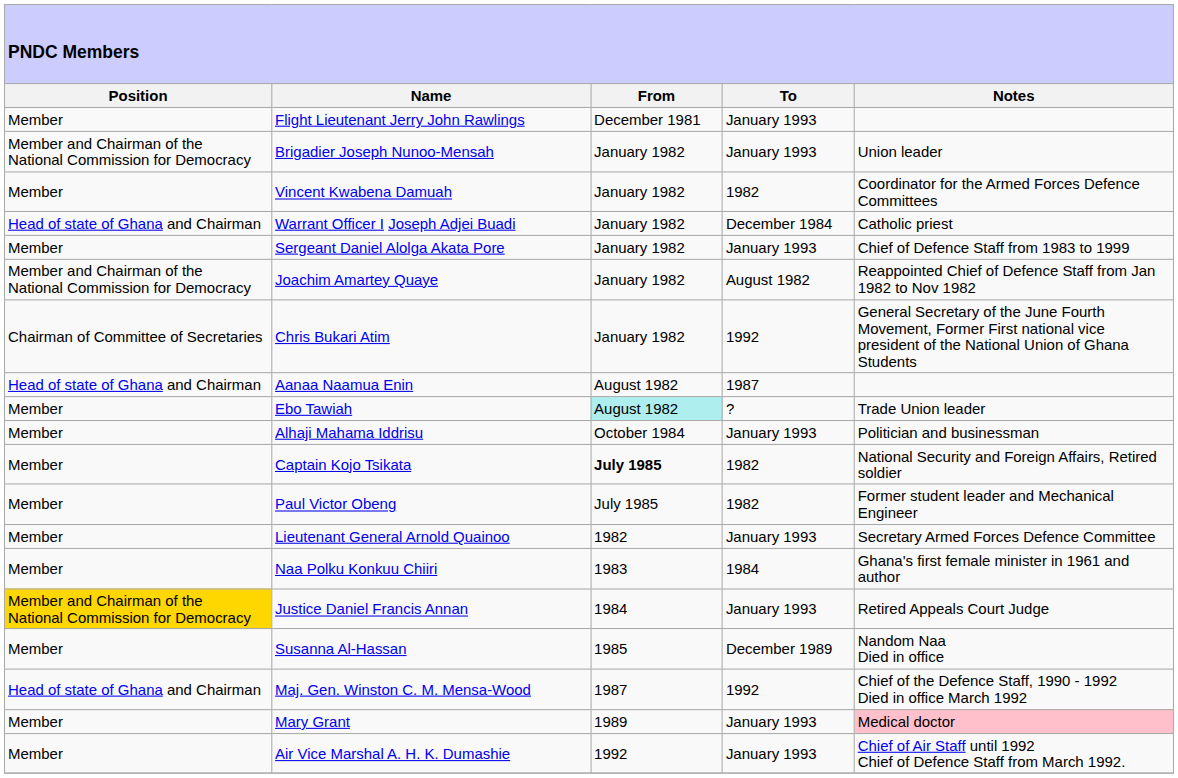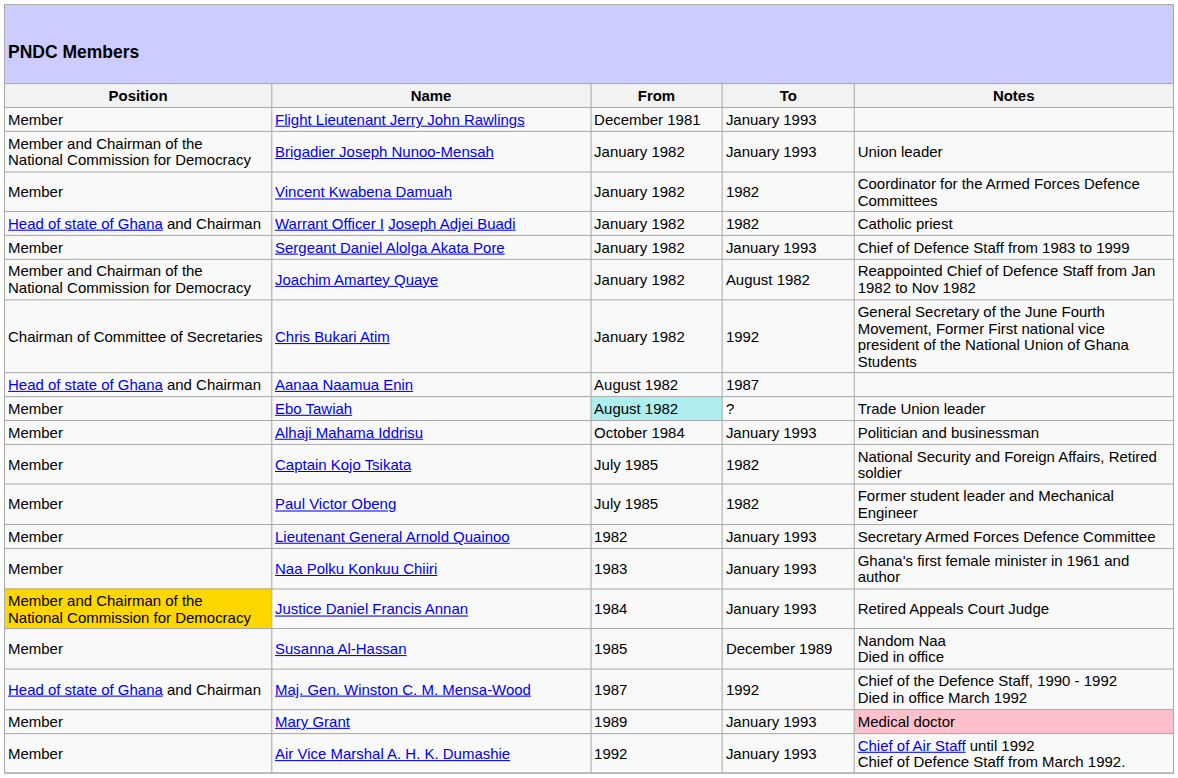 <table class="wikitable" style="font-size:90%; text-align:left;">
 <tr>
 <td colspan=6 bgcolor=ccccff><br><h3>PNDC Members</h3></td>
 </tr>
 <tr>
 <th width=250>Position</th>
 <th width=300>Name</th>
 <th width=120>From</th>
 <th width=120>To</th>
 <th width=300>Notes</th>
 </tr>
 <tr>
 <td>Member</td>
 <td><a href='#'>Flight Lieutenant Jerry John Rawlings</a></td>
 <td>December 1981</td>
 <td>January 1993</td>
 <td></td>
 </tr>
 <tr>
 <td>Member and Chairman of the<br>National Commission for Democracy</td>
 <td><a href='#'>Brigadier Joseph Nunoo-Mensah</a></td>
 <td>January 1982</td>
 <td>January 1993</td>
 <td>Union leader</td>
 </tr>
 <tr>
 <td>Member</td>
 <td><a href='#'>Vincent Kwabena Damuah</a></td>
 <td>January 1982</td>
 <td>1982</td>
 <td>Coordinator for the Armed Forces Defence Committees</td>
 </tr>
 <tr>
 <td><a href='#'>Head of state of Ghana</a> and Chairman</td>
 <td><a href='#'>Warrant Officer I</a> <a href='#'>Joseph Adjei Buadi</a></td>
 <td>January 1982</td>
-<td>December 1984</td>
+<td>1982</td>
 <td>Catholic priest</td>
 </tr>
 <tr>
 <td>Member</td>
 <td><a href='#'>Sergeant Daniel Alolga Akata Pore</a></td>
 <td>January 1982</td>
 <td>January 1993</td>
 <td>Chief of Defence Staff from 1983 to 1999</td>
 </tr>
 <tr>
 <td>Member and Chairman of the<br>National Commission for Democracy</td>
 <td><a href='#'>Joachim Amartey Quaye</a></td>
 <td>January 1982</td>
 <td>August 1982</td>
 <td>Reappointed Chief of Defence Staff from Jan 1982 to Nov 1982</td>
 </tr>
 <tr>
 <td>Chairman of Committee of Secretaries</td>
 <td><a href='#'>Chris Bukari Atim</a></td>
 <td>January 1982</td>
 <td>1992</td>
 <td>General Secretary of the June Fourth Movement, Former First national vice president of the National Union of Ghana Students</td>
 </tr>
 <tr>
 <td><a href='#'>Head of state of Ghana</a> and Chairman</td>
 <td><a href='#'>Aanaa Naamua Enin</a></td>
 <td>August 1982</td>
 <td>1987</td>
 <td></td>
 </tr>
 <tr>
 <td>Member</td>
 <td><a href='#'>Ebo Tawiah</a></td>
 <td style="background: paleturquoise;">August 1982</td>
 <td>?</td>
 <td>Trade Union leader</td>
 </tr>
 <tr>
 <td>Member</td>
 <td><a href='#'>Alhaji Mahama Iddrisu</a></td>
 <td>October 1984</td>
 <td>January 1993</td>
 <td>Politician and businessman</td>
 </tr>
 <tr>
 <td>Member</td>
 <td><a href='#'>Captain Kojo Tsikata</a></td>
-<td><strong>July 1985</strong></td>
+<td>July 1985</td>
 <td>1982</td>
 <td>National Security and Foreign Affairs, Retired soldier</td>
 </tr>
 <tr>
 <td>Member</td>
 <td><a href='#'>Paul Victor Obeng</a></td>
 <td>July 1985</td>
 <td>1982</td>
 <td>Former student leader and Mechanical Engineer</td>
 </tr>
 <tr>
 <td>Member</td>
 <td><a href='#'>Lieutenant General Arnold Quainoo</a></td>
 <td>1982</td>
 <td>January 1993</td>
 <td>Secretary Armed Forces Defence Committee</td>
 </tr>
 <tr>
 <td>Member</td>
 <td><a href='#'>Naa Polku Konkuu Chiiri</a></td>
 <td>1983</td>
-<td>1984</td>
+<td>January 1993</td>
 <td>Ghana's first female minister in 1961 and author</td>
 </tr>
 <tr>
 <td style="background: gold;">Member and Chairman of the<br>National Commission for Democracy</td>
 <td><a href='#'>Justice Daniel Francis Annan</a></td>
 <td>1984</td>
 <td>January 1993</td>
 <td>Retired Appeals Court Judge</td>
 </tr>
 <tr>
 <td>Member</td>
 <td><a href='#'>Susanna Al-Hassan</a></td>
 <td>1985</td>
 <td>December 1989</td>
 <td>Nandom Naa<br>Died in office</td>
 </tr>
 <tr>
 <td><a href='#'>Head of state of Ghana</a> and Chairman</td>
 <td><a href='#'>Maj. Gen. Winston C. M. Mensa-Wood</a></td>
 <td>1987</td>
 <td>1992</td>
 <td>Chief of the Defence Staff, 1990 - 1992<br>Died in office March 1992</td>
 </tr>
 <tr>
 <td>Member</td>
 <td><a href='#'>Mary Grant</a></td>
 <td>1989</td>
 <td>January 1993</td>
 <td style="background: pink;">Medical doctor</td>
 </tr>
 <tr>
 <td>Member</td>
 <td><a href='#'>Air Vice Marshal A. H. K. Dumashie</a></td>
 <td>1992</td>
 <td>January 1993</td>
 <td><a href='#'>Chief of Air Staff</a> until 1992<br>Chief of Defence Staff from March 1992.</td>
 </tr>
 <tr>
 </tr>
 </table>
